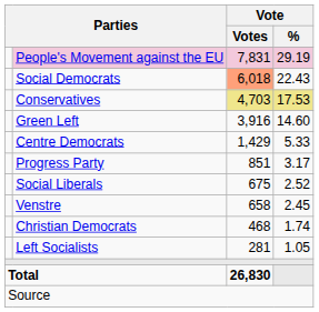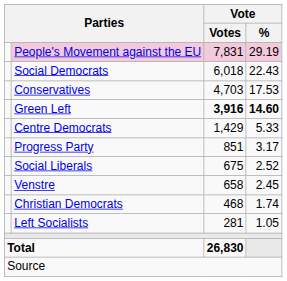 <table class="wikitable" style="text-align:right;">
 <tr>
 <th style="text-align:centre;" rowspan="2" colspan="2" width="225">Parties</th>
 <th colspan="3">Vote</th>
 </tr>
 <tr>
 <th width="15">Votes</th>
 <th width="15">%</th>
 </tr>
 <tr>
 <td width="2" style="color:inherit;background:"></td>
 <td bgcolor=#f3c9dc   align="left"><a href='#'>People's Movement against the EU</a></td>
 <td bgcolor=#f3c9dc>7,831</td>
 <td bgcolor=#f3c9dc>29.19</td>
 </tr>
 <tr>
 <td width="2" style="color:inherit;background:"></td>
 <td align="left"><a href='#'>Social Democrats</a></td>
-<td style="background: lightsalmon;">6,018</td>
+<td>6,018</td>
 <td>22.43</td>
 </tr>
 <tr>
 <td width="2" style="color:inherit;background:"></td>
 <td align="left"><a href='#'>Conservatives</a></td>
-<td style="background: khaki;">4,703</td>
-<td style="background: khaki;">17.53</td>
+<td>4,703</td>
+<td>17.53</td>
 </tr>
 <tr>
 <td width="2" style="color:inherit;background:"></td>
 <td align="left"><a href='#'>Green Left</a></td>
-<td>3,916</td>
-<td>14.60</td>
+<td><strong>3,916</strong></td>
+<td><strong>14.60</strong></td>
 </tr>
 <tr>
 <td width="2" style="color:inherit;background:"></td>
 <td align="left"><a href='#'>Centre Democrats</a></td>
 <td>1,429</td>
 <td>5.33</td>
 </tr>
 <tr>
 <td width="2" style="color:inherit;background:"></td>
 <td align="left"><a href='#'>Progress Party</a></td>
 <td>851</td>
 <td>3.17</td>
 </tr>
 <tr>
 <td width="2" style="color:inherit;background:"></td>
 <td align="left"><a href='#'>Social Liberals</a></td>
 <td>675</td>
 <td>2.52</td>
 </tr>
 <tr>
 <td width="2" style="color:inherit;background:"></td>
 <td align="left"><a href='#'>Venstre</a></td>
 <td>658</td>
 <td>2.45</td>
 </tr>
 <tr>
 <td width="2" style="color:inherit;background:"></td>
 <td align="left"><a href='#'>Christian Democrats</a></td>
 <td>468</td>
 <td>1.74</td>
 </tr>
 <tr>
 <td width="2" style="color:inherit;background:"></td>
 <td align="left"><a href='#'>Left Socialists</a></td>
 <td>281</td>
 <td>1.05</td>
 </tr>
 <tr>
 <td colspan="7" bgcolor="#E9E9E9"></td>
 </tr>
 <tr>
 <td align="left" colspan="2"><strong>Total</strong></td>
 <td><strong>26,830</strong></td>
 <td bgcolor="#E9E9E9" colspan="2"></td>
 </tr>
 <tr>
 <td align="left" colspan="6">Source</td>
 </tr>
 </table>
